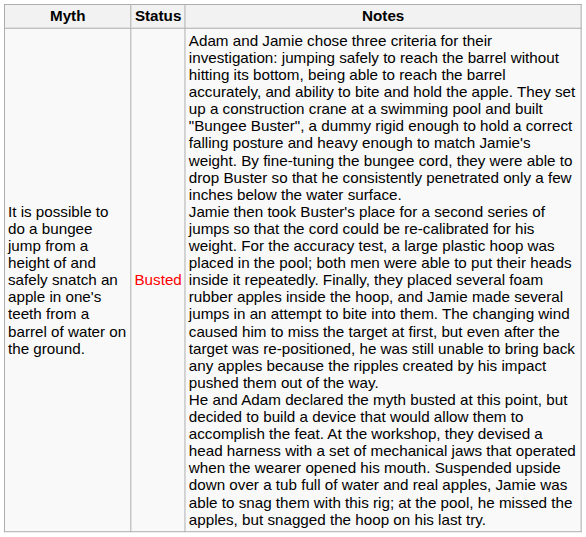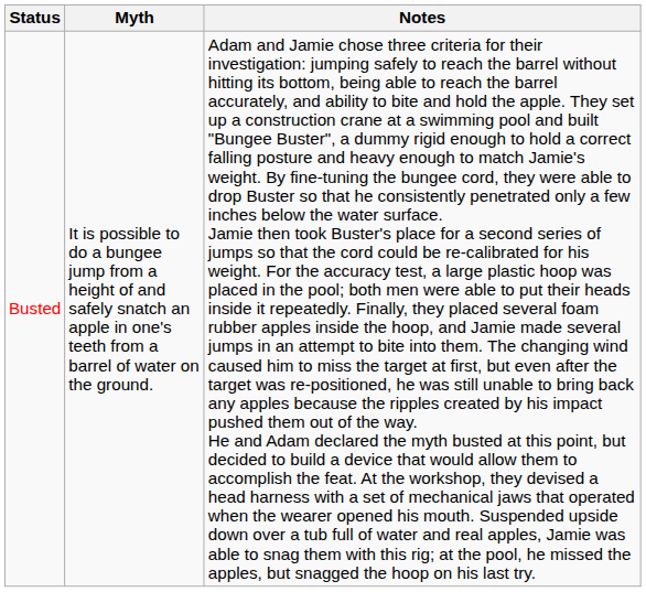 <table class="wikitable plainrowheaders">
 <tr>
+<th scope"col">Status</th>
 <th scope"col">Myth</th>
-<th scope"col">Status</th>
 <th scope"col">Notes</th>
 </tr>
 <tr>
+<td style="color:red">Busted</td>
 <td scope"row">It is possible to do a bungee jump from a height of  and safely snatch an apple in one's teeth from a barrel of water on the ground.</td>
-<td style="color:red">Busted</td>
 <td>Adam and Jamie chose three criteria for their investigation: jumping safely to reach the barrel without hitting its bottom, being able to reach the barrel accurately, and ability to bite and hold the apple. They set up a  construction crane at a swimming pool and built "Bungee Buster", a dummy rigid enough to hold a correct falling posture and heavy enough to match Jamie's weight. By fine-tuning the bungee cord, they were able to drop Buster so that he consistently penetrated only a few inches below the water surface.<br>Jamie then took Buster's place for a second series of jumps so that the cord could be re-calibrated for his weight. For the accuracy test, a large plastic hoop was placed in the pool; both men were able to put their heads inside it repeatedly. Finally, they placed several foam rubber apples inside the hoop, and Jamie made several jumps in an attempt to bite into them. The changing wind caused him to miss the target at first, but even after the target was re-positioned, he was still unable to bring back any apples because the ripples created by his impact pushed them out of the way.<br>He and Adam declared the myth busted at this point, but decided to build a device that would allow them to accomplish the feat. At the workshop, they devised a head harness with a set of mechanical jaws that operated when the wearer opened his mouth. Suspended upside down over a tub full of water and real apples, Jamie was able to snag them with this rig; at the pool, he missed the apples, but snagged the hoop on his last try.</td>
 </tr>
 </table>
